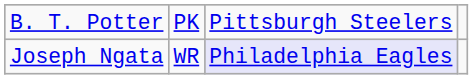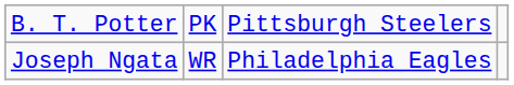 <table class="wikitable" style="text-align:center">
 <tr>
 <td><a href='#'>B. T. Potter</a></td>
 <td><a href='#'>PK</a></td>
 <td><a href='#'>Pittsburgh Steelers</a></td>
 <td></td>
 </tr>
 <tr>
 <td><a href='#'>Joseph Ngata</a></td>
 <td><a href='#'>WR</a></td>
-<td style="background: lavender;"><a href='#'>Philadelphia Eagles</a></td>
+<td><a href='#'>Philadelphia Eagles</a></td>
 <td></td>
 </tr>
 </table>
